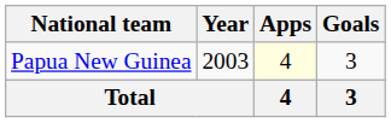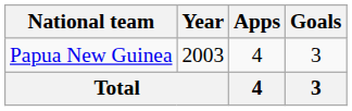 <table class="wikitable" style="text-align:center">
 <tr>
 <th>National team</th>
 <th>Year</th>
 <th>Apps</th>
 <th>Goals</th>
 </tr>
 <tr>
 <td><a href='#'>Papua New Guinea</a></td>
 <td>2003</td>
-<td style="background: lightyellow;">4</td>
+<td>4</td>
 <td>3</td>
 </tr>
 <tr>
 <th colspan="2">Total</th>
 <th>4</th>
 <th>3</th>
 </tr>
 </table>
